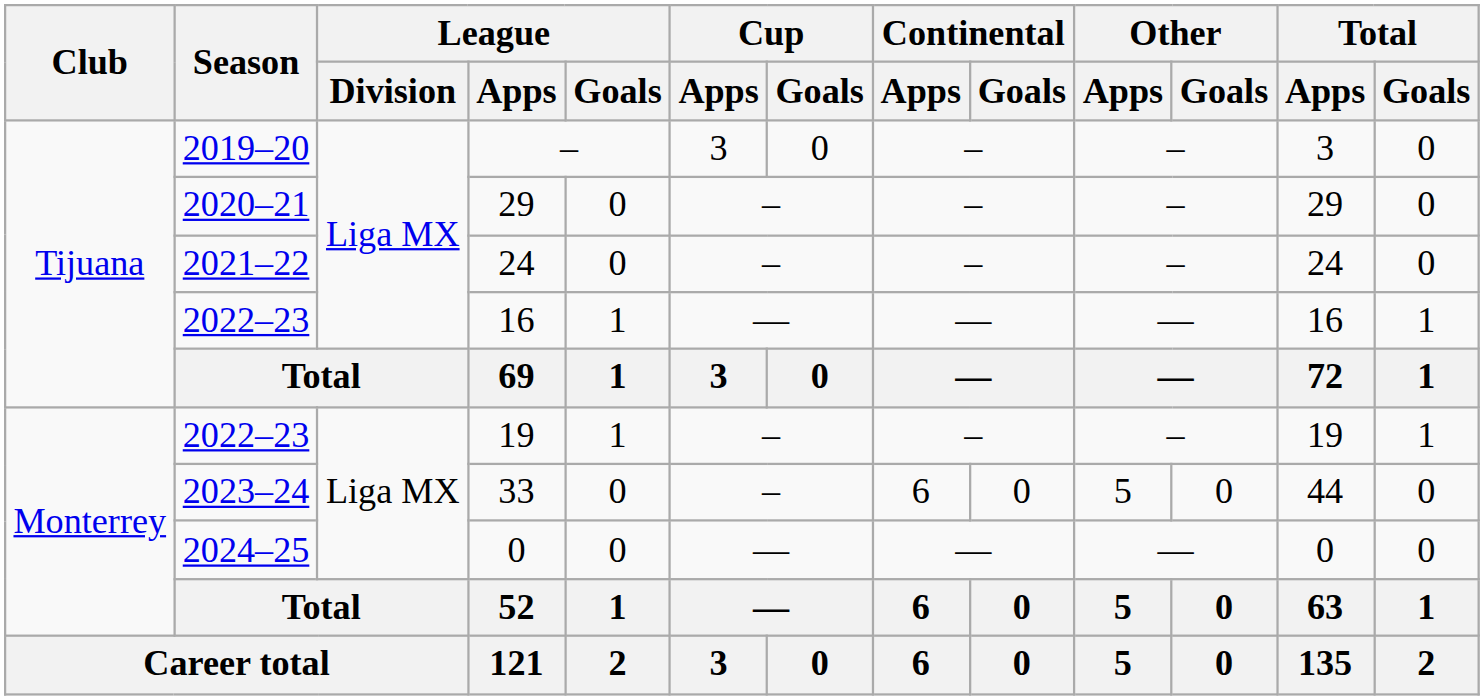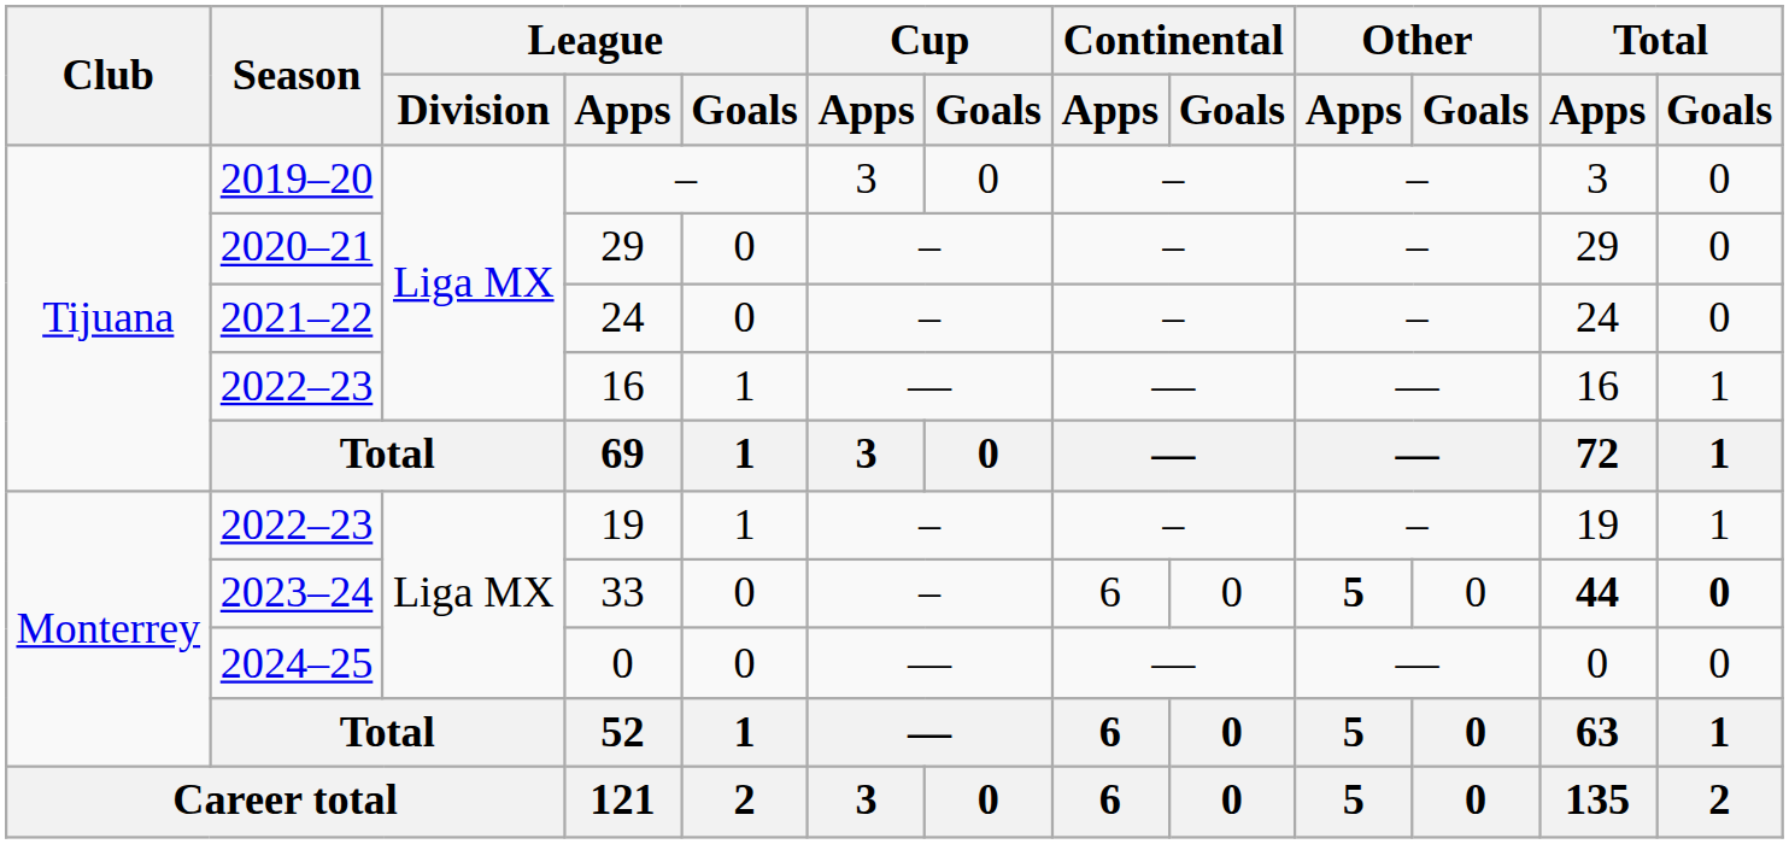 <table class="wikitable" style="text-align: center">
 <tr>
 <th rowspan="2">Club</th>
 <th rowspan="2">Season</th>
 <th colspan="3">League</th>
 <th colspan="2">Cup</th>
 <th colspan="2">Continental</th>
 <th colspan="2">Other</th>
 <th colspan="2">Total</th>
 </tr>
 <tr>
 <th>Division</th>
 <th>Apps</th>
 <th>Goals</th>
 <th>Apps</th>
 <th>Goals</th>
 <th>Apps</th>
 <th>Goals</th>
 <th>Apps</th>
 <th>Goals</th>
 <th>Apps</th>
 <th>Goals</th>
 </tr>
 <tr>
 <td rowspan=5><a href='#'>Tijuana</a></td>
 <td><a href='#'>2019–20</a></td>
 <td rowspan=4><a href='#'>Liga MX</a></td>
 <td colspan="2">–</td>
 <td>3</td>
 <td>0</td>
 <td colspan="2">–</td>
 <td colspan="2">–</td>
 <td>3</td>
 <td>0</td>
 </tr>
 <tr>
 <td><a href='#'>2020–21</a></td>
 <td>29</td>
 <td>0</td>
 <td colspan="2">–</td>
 <td colspan="2">–</td>
 <td colspan="2">–</td>
 <td>29</td>
 <td>0</td>
 </tr>
 <tr>
 <td><a href='#'>2021–22</a></td>
 <td>24</td>
 <td>0</td>
 <td colspan="2">–</td>
 <td colspan="2">–</td>
 <td colspan="2">–</td>
 <td>24</td>
 <td>0</td>
 </tr>
 <tr>
 <td><a href='#'>2022–23</a></td>
 <td>16</td>
 <td>1</td>
 <td colspan="2">—</td>
 <td colspan="2">—</td>
 <td colspan="2">—</td>
 <td>16</td>
 <td>1</td>
 </tr>
 <tr>
 <th colspan="2">Total</th>
 <th>69</th>
 <th>1</th>
 <th>3</th>
 <th>0</th>
 <th colspan="2">—</th>
 <th colspan="2">—</th>
 <th>72</th>
 <th>1</th>
 </tr>
 <tr>
 <td rowspan=4><a href='#'>Monterrey</a></td>
 <td><a href='#'>2022–23</a></td>
 <td rowspan=3>Liga MX</td>
 <td>19</td>
 <td>1</td>
 <td colspan="2">–</td>
 <td colspan="2">–</td>
 <td colspan="2">–</td>
 <td>19</td>
 <td>1</td>
 </tr>
 <tr>
 <td><a href='#'>2023–24</a></td>
 <td>33</td>
 <td>0</td>
 <td colspan="2">–</td>
 <td>6</td>
 <td>0</td>
-<td>5</td>
+<td><strong>5</strong></td>
 <td>0</td>
-<td>44</td>
-<td>0</td>
+<td><strong>44</strong></td>
+<td><strong>0</strong></td>
 </tr>
 <tr>
 <td><a href='#'>2024–25</a></td>
 <td>0</td>
 <td>0</td>
 <td colspan="2">—</td>
 <td colspan="2">—</td>
 <td colspan="2">—</td>
 <td>0</td>
 <td>0</td>
 </tr>
 <tr>
 <th colspan="2">Total</th>
 <th>52</th>
 <th>1</th>
 <th colspan="2">—</th>
 <th>6</th>
 <th>0</th>
 <th>5</th>
 <th>0</th>
 <th>63</th>
 <th>1</th>
 </tr>
 <tr>
 <th colspan=3>Career total</th>
 <th>121</th>
 <th>2</th>
 <th>3</th>
 <th>0</th>
 <th>6</th>
 <th>0</th>
 <th>5</th>
 <th>0</th>
 <th>135</th>
 <th>2</th>
 </tr>
 </table>
